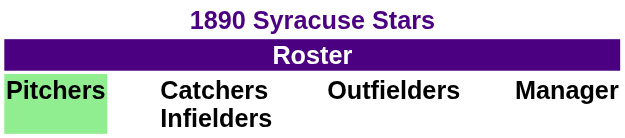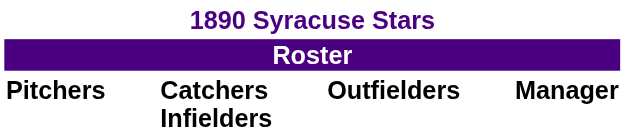 <table class="toccolours" style="font-size: 95%;">
 <tr>
 <th colspan="10" style="background-color: white; color: #4B0082; text-align: center;">1890 Syracuse Stars</th>
 </tr>
 <tr>
 <td colspan="10" style="background-color: #4B0082; color: white; text-align: center;"><strong>Roster</strong></td>
 </tr>
 <tr>
-<td valign="top" style="background: lightgreen;"><strong>Pitchers</strong><br>        </td>
+<td valign="top"><strong>Pitchers</strong><br>        </td>
 <td width="25px"></td>
 <td valign="top"><strong>Catchers</strong><br>      <strong>Infielders</strong>      </td>
 <td width="25px"></td>
 <td valign="top"><strong>Outfielders</strong><br>        </td>
 <td width="25px"></td>
 <td valign="top"><strong>Manager</strong><br> </td>
 </tr>
 </table>
